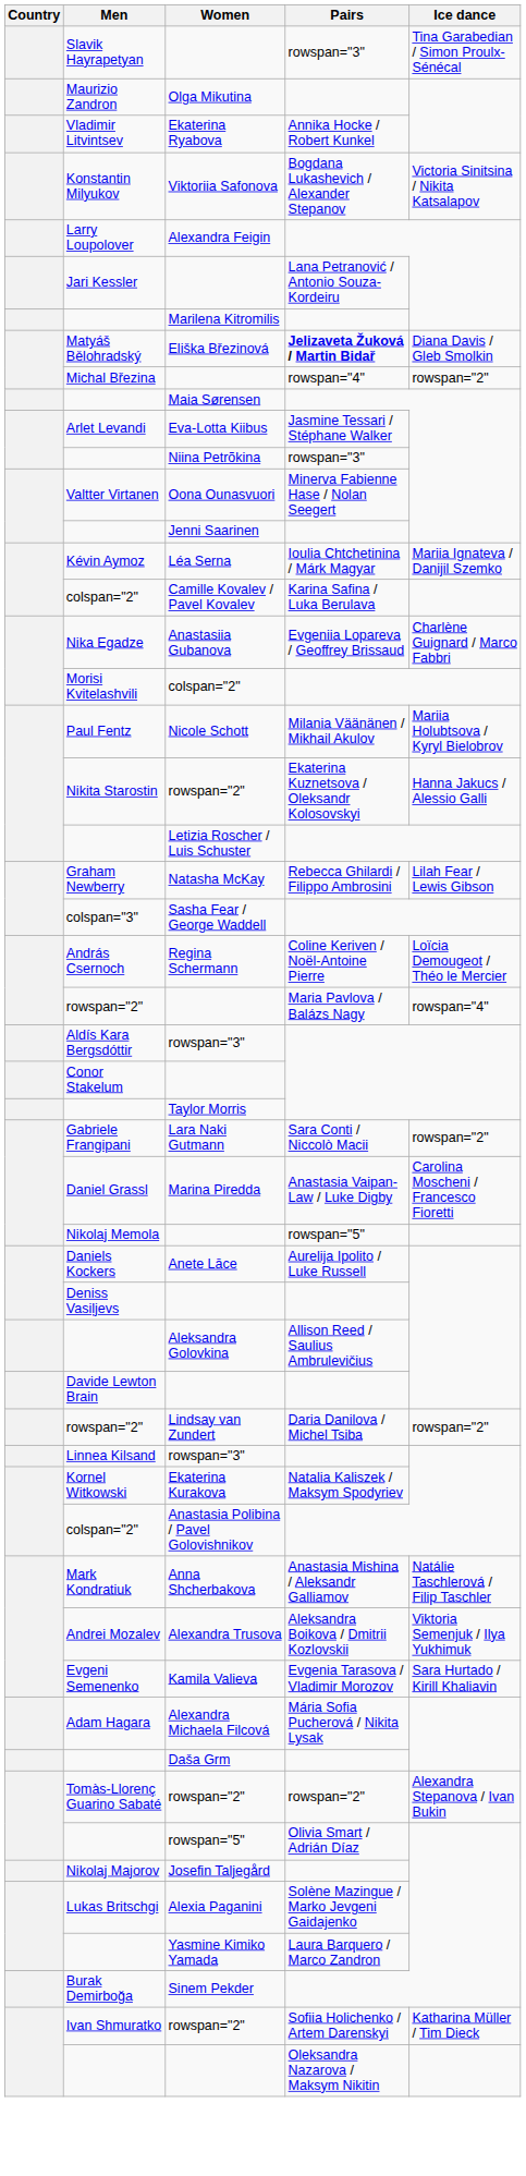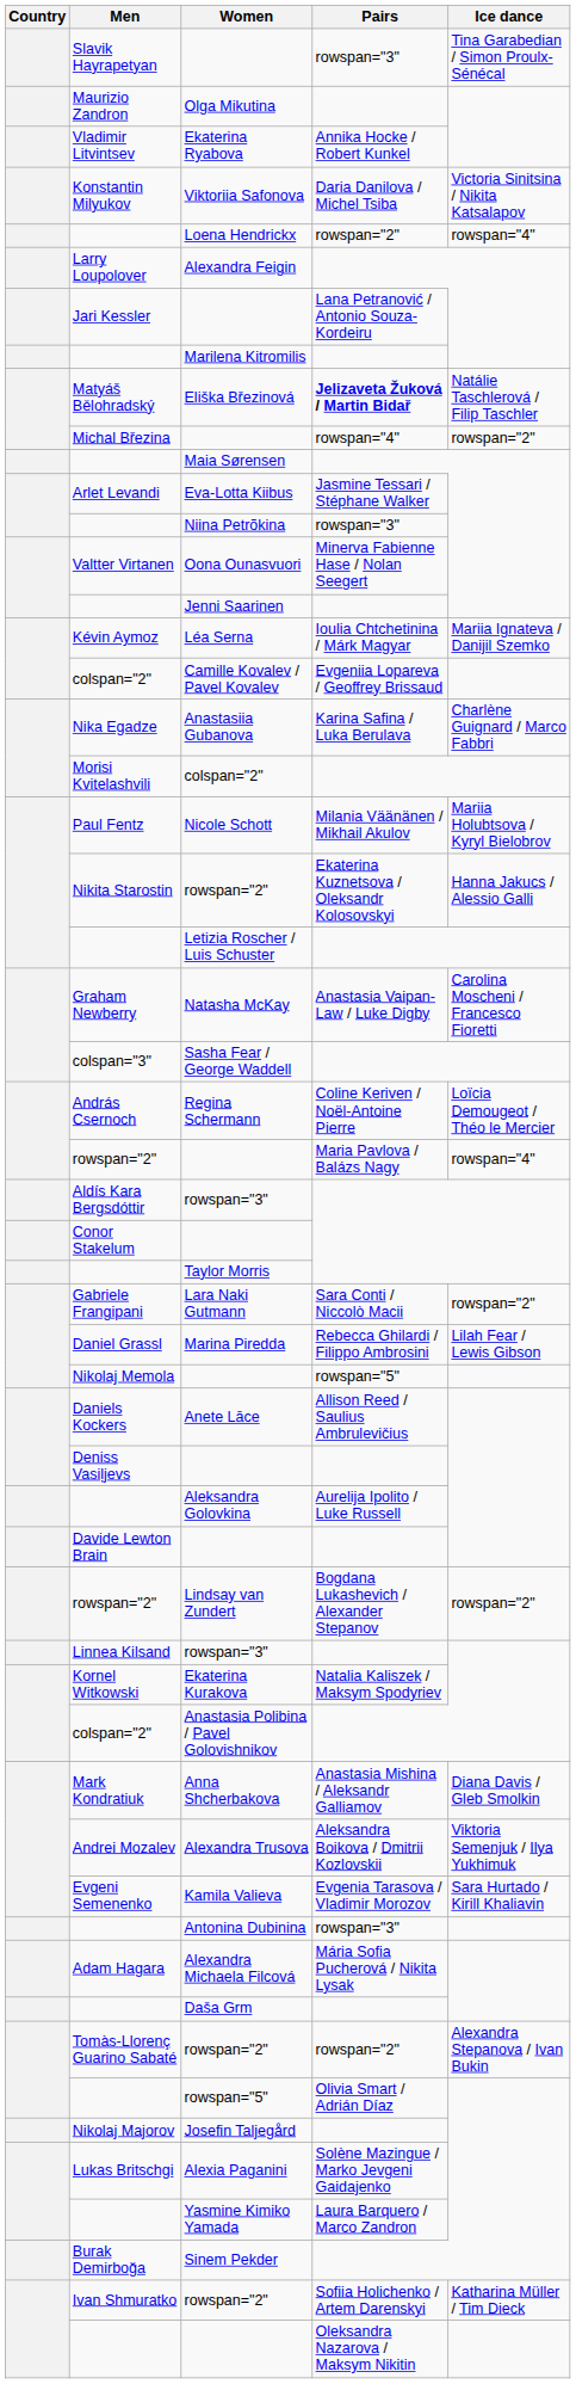 <table class="wikitable sortable" style="text-align:left">
 <tr>
 <th scope="col">Country</th>
 <th scope="col">Men</th>
 <th scope="col">Women</th>
 <th scope="col">Pairs</th>
 <th scope="col">Ice dance</th>
 </tr>
 <tr>
 <th scope="row" style="text-align:left"></th>
 <td><a href='#'>Slavik Hayrapetyan</a></td>
 <td></td>
 <td>rowspan="3" </td>
 <td><a href='#'>Tina Garabedian</a> / <a href='#'>Simon Proulx-Sénécal</a></td>
 </tr>
 <tr>
 <th scope="row" style="text-align:left"></th>
 <td><a href='#'>Maurizio Zandron</a></td>
 <td><a href='#'>Olga Mikutina</a></td>
 <td></td>
 </tr>
 <tr>
 <th scope="row" style="text-align:left"></th>
 <td><a href='#'>Vladimir Litvintsev</a></td>
 <td><a href='#'>Ekaterina Ryabova</a></td>
 <td><a href='#'>Annika Hocke</a> / <a href='#'>Robert Kunkel</a></td>
 </tr>
 <tr>
 <th scope="row" style="text-align:left"></th>
 <td><a href='#'>Konstantin Milyukov</a></td>
 <td><a href='#'>Viktoriia Safonova</a></td>
-<td><a href='#'>Bogdana Lukashevich</a> / <a href='#'>Alexander Stepanov</a></td>
+<td><a href='#'>Daria Danilova</a> / <a href='#'>Michel Tsiba</a></td>
 <td><a href='#'>Victoria Sinitsina</a> / <a href='#'>Nikita Katsalapov</a></td>
+</tr>
+<tr>
+<th scope="row" style="text-align:left"></th>
+<td></td>
+<td><a href='#'>Loena Hendrickx</a></td>
+<td>rowspan="2" </td>
+<td>rowspan="4" </td>
 </tr>
 <tr>
 <th scope="row" style="text-align:left"></th>
 <td><a href='#'>Larry Loupolover</a></td>
 <td><a href='#'>Alexandra Feigin</a></td>
 </tr>
 <tr>
 <th scope="row" style="text-align:left"></th>
 <td><a href='#'>Jari Kessler</a></td>
 <td></td>
 <td><a href='#'>Lana Petranović</a> / <a href='#'>Antonio Souza-Kordeiru</a></td>
 </tr>
 <tr>
 <th scope="row" style="text-align:left"></th>
 <td></td>
 <td><a href='#'>Marilena Kitromilis</a></td>
 <td></td>
 </tr>
 <tr>
 <th rowspan="2" scope="row" style="text-align:left"></th>
 <td><a href='#'>Matyáš Bělohradský</a></td>
 <td><a href='#'>Eliška Březinová</a></td>
 <td><strong><a href='#'>Jelizaveta Žuková</a> / <a href='#'>Martin Bidař</a></strong></td>
-<td><a href='#'>Diana Davis</a> / <a href='#'>Gleb Smolkin</a></td>
+<td><a href='#'>Natálie Taschlerová</a> / <a href='#'>Filip Taschler</a></td>
 </tr>
 <tr>
 <td><a href='#'>Michal Březina</a></td>
 <td></td>
 <td>rowspan="4" </td>
 <td>rowspan="2" </td>
 </tr>
 <tr>
 <th scope="row" style="text-align:left"></th>
 <td></td>
 <td><a href='#'>Maia Sørensen</a></td>
 </tr>
 <tr>
 <th rowspan="2" scope="row" style="text-align:left"></th>
 <td><a href='#'>Arlet Levandi</a></td>
 <td><a href='#'>Eva-Lotta Kiibus</a></td>
 <td><a href='#'>Jasmine Tessari</a> / <a href='#'>Stéphane Walker</a></td>
 </tr>
 <tr>
 <td></td>
 <td><a href='#'>Niina Petrõkina</a></td>
 <td>rowspan="3" </td>
 </tr>
 <tr>
 <th rowspan="2" scope="row" style="text-align:left"></th>
 <td><a href='#'>Valtter Virtanen</a></td>
 <td><a href='#'>Oona Ounasvuori</a></td>
 <td><a href='#'>Minerva Fabienne Hase</a> / <a href='#'>Nolan Seegert</a></td>
 </tr>
 <tr>
 <td></td>
 <td><a href='#'>Jenni Saarinen</a></td>
 <td></td>
 </tr>
 <tr>
 <th rowspan="2" scope="row" style="text-align:left"></th>
 <td><a href='#'>Kévin Aymoz</a></td>
 <td><a href='#'>Léa Serna</a></td>
 <td><a href='#'>Ioulia Chtchetinina</a> / <a href='#'>Márk Magyar</a></td>
 <td><a href='#'>Mariia Ignateva</a> / <a href='#'>Danijil Szemko</a></td>
 </tr>
 <tr>
 <td>colspan="2" </td>
 <td><a href='#'>Camille Kovalev</a> / <a href='#'>Pavel Kovalev</a></td>
-<td><a href='#'>Karina Safina</a> / <a href='#'>Luka Berulava</a></td>
+<td><a href='#'>Evgeniia Lopareva</a> / <a href='#'>Geoffrey Brissaud</a></td>
 </tr>
 <tr>
 <th rowspan="2" scope="row" style="text-align:left"></th>
 <td><a href='#'>Nika Egadze</a></td>
 <td><a href='#'>Anastasiia Gubanova</a></td>
-<td><a href='#'>Evgeniia Lopareva</a> / <a href='#'>Geoffrey Brissaud</a></td>
+<td><a href='#'>Karina Safina</a> / <a href='#'>Luka Berulava</a></td>
 <td><a href='#'>Charlène Guignard</a> / <a href='#'>Marco Fabbri</a></td>
 </tr>
 <tr>
 <td><a href='#'>Morisi Kvitelashvili</a></td>
 <td>colspan="2" </td>
 </tr>
 <tr>
 <th rowspan="3" scope="row" style="text-align:left"></th>
 <td><a href='#'>Paul Fentz</a></td>
 <td><a href='#'>Nicole Schott</a></td>
 <td><a href='#'>Milania Väänänen</a> / <a href='#'>Mikhail Akulov</a></td>
 <td><a href='#'>Mariia Holubtsova</a> / <a href='#'>Kyryl Bielobrov</a></td>
 </tr>
 <tr>
 <td><a href='#'>Nikita Starostin</a></td>
 <td>rowspan="2" </td>
 <td><a href='#'>Ekaterina Kuznetsova</a> / <a href='#'>Oleksandr Kolosovskyi</a></td>
 <td><a href='#'>Hanna Jakucs</a> / <a href='#'>Alessio Galli</a></td>
 </tr>
 <tr>
 <td></td>
 <td><a href='#'>Letizia Roscher</a> / <a href='#'>Luis Schuster</a></td>
 </tr>
 <tr>
 <th rowspan="2" scope="row" style="text-align:left"></th>
 <td><a href='#'>Graham Newberry</a></td>
 <td><a href='#'>Natasha McKay</a></td>
-<td><a href='#'>Rebecca Ghilardi</a> / <a href='#'>Filippo Ambrosini</a></td>
-<td><a href='#'>Lilah Fear</a> / <a href='#'>Lewis Gibson</a></td>
+<td><a href='#'>Anastasia Vaipan-Law</a> / <a href='#'>Luke Digby</a></td>
+<td><a href='#'>Carolina Moscheni</a> / <a href='#'>Francesco Fioretti</a></td>
 </tr>
 <tr>
 <td>colspan="3" </td>
 <td><a href='#'>Sasha Fear</a> / <a href='#'>George Waddell</a></td>
 </tr>
 <tr>
 <th rowspan="2" scope="row" style="text-align:left"></th>
 <td><a href='#'>András Csernoch</a></td>
 <td><a href='#'>Regina Schermann</a></td>
 <td><a href='#'>Coline Keriven</a> / <a href='#'>Noël-Antoine Pierre</a></td>
 <td><a href='#'>Loïcia Demougeot</a> / <a href='#'>Théo le Mercier</a></td>
 </tr>
 <tr>
 <td>rowspan="2" </td>
 <td></td>
 <td><a href='#'>Maria Pavlova</a> / <a href='#'>Balázs Nagy</a></td>
 <td>rowspan="4" </td>
 </tr>
 <tr>
 <th scope="row" style="text-align:left"></th>
 <td><a href='#'>Aldís Kara Bergsdóttir</a></td>
 <td>rowspan="3" </td>
 </tr>
 <tr>
 <th scope="row" style="text-align:left"></th>
 <td><a href='#'>Conor Stakelum</a></td>
 <td></td>
 </tr>
 <tr>
 <th scope="row" style="text-align:left"></th>
 <td></td>
 <td><a href='#'>Taylor Morris</a></td>
 </tr>
 <tr>
 <th rowspan="3" scope="row" style="text-align:left"></th>
 <td><a href='#'>Gabriele Frangipani</a></td>
 <td><a href='#'>Lara Naki Gutmann</a></td>
 <td><a href='#'>Sara Conti</a> / <a href='#'>Niccolò Macii</a></td>
 <td>rowspan="2" </td>
 </tr>
 <tr>
 <td><a href='#'>Daniel Grassl</a></td>
 <td><a href='#'>Marina Piredda</a></td>
-<td><a href='#'>Anastasia Vaipan-Law</a> / <a href='#'>Luke Digby</a></td>
-<td><a href='#'>Carolina Moscheni</a> / <a href='#'>Francesco Fioretti</a></td>
+<td><a href='#'>Rebecca Ghilardi</a> / <a href='#'>Filippo Ambrosini</a></td>
+<td><a href='#'>Lilah Fear</a> / <a href='#'>Lewis Gibson</a></td>
 </tr>
 <tr>
 <td><a href='#'>Nikolaj Memola</a></td>
 <td></td>
 <td>rowspan="5" </td>
 <td></td>
 </tr>
 <tr>
 <th rowspan="2" scope="row" style="text-align:left"></th>
 <td><a href='#'>Daniels Kockers</a></td>
 <td><a href='#'>Anete Lāce</a></td>
-<td><a href='#'>Aurelija Ipolito</a> / <a href='#'>Luke Russell</a></td>
+<td><a href='#'>Allison Reed</a> / <a href='#'>Saulius Ambrulevičius</a></td>
 </tr>
 <tr>
 <td><a href='#'>Deniss Vasiļjevs</a></td>
 <td></td>
 <td></td>
 </tr>
 <tr>
 <th scope="row" style="text-align:left"></th>
 <td></td>
 <td><a href='#'>Aleksandra Golovkina</a></td>
-<td><a href='#'>Allison Reed</a> / <a href='#'>Saulius Ambrulevičius</a></td>
+<td><a href='#'>Aurelija Ipolito</a> / <a href='#'>Luke Russell</a></td>
 </tr>
 <tr>
 <th scope="row" style="text-align:left"></th>
 <td><a href='#'>Davide Lewton Brain</a></td>
 <td></td>
 <td></td>
 </tr>
 <tr>
 <th scope="row" style="text-align:left"></th>
 <td>rowspan="2" </td>
 <td><a href='#'>Lindsay van Zundert</a></td>
-<td><a href='#'>Daria Danilova</a> / <a href='#'>Michel Tsiba</a></td>
+<td><a href='#'>Bogdana Lukashevich</a> / <a href='#'>Alexander Stepanov</a></td>
 <td>rowspan="2" </td>
 </tr>
 <tr>
 <th scope="row" style="text-align:left"></th>
 <td><a href='#'>Linnea Kilsand</a></td>
 <td>rowspan="3" </td>
 <td></td>
 </tr>
 <tr>
 <th rowspan="2" scope="row" style="text-align:left"></th>
 <td><a href='#'>Kornel Witkowski</a></td>
 <td><a href='#'>Ekaterina Kurakova</a></td>
 <td><a href='#'>Natalia Kaliszek</a> / <a href='#'>Maksym Spodyriev</a></td>
 </tr>
 <tr>
 <td>colspan="2" </td>
 <td><a href='#'>Anastasia Polibina</a> / <a href='#'>Pavel Golovishnikov</a></td>
 </tr>
 <tr>
 <th rowspan="3" scope="row" style="text-align:left"></th>
 <td><a href='#'>Mark Kondratiuk</a></td>
 <td><a href='#'>Anna Shcherbakova</a></td>
 <td><a href='#'>Anastasia Mishina</a> / <a href='#'>Aleksandr Galliamov</a></td>
-<td><a href='#'>Natálie Taschlerová</a> / <a href='#'>Filip Taschler</a></td>
+<td><a href='#'>Diana Davis</a> / <a href='#'>Gleb Smolkin</a></td>
 </tr>
 <tr>
 <td><a href='#'>Andrei Mozalev</a></td>
 <td><a href='#'>Alexandra Trusova</a></td>
 <td><a href='#'>Aleksandra Boikova</a> / <a href='#'>Dmitrii Kozlovskii</a></td>
 <td><a href='#'>Viktoria Semenjuk</a> / <a href='#'>Ilya Yukhimuk</a></td>
 </tr>
 <tr>
 <td><a href='#'>Evgeni Semenenko</a></td>
 <td><a href='#'>Kamila Valieva</a></td>
 <td><a href='#'>Evgenia Tarasova</a> / <a href='#'>Vladimir Morozov</a></td>
 <td><a href='#'>Sara Hurtado</a> / <a href='#'>Kirill Khaliavin</a></td>
+</tr>
+<tr>
+<th scope="row" style="text-align:left"></th>
+<td></td>
+<td><a href='#'>Antonina Dubinina</a></td>
+<td>rowspan="3" </td>
+<td></td>
 </tr>
 <tr>
 <th scope="row" style="text-align:left"></th>
 <td><a href='#'>Adam Hagara</a></td>
 <td><a href='#'>Alexandra Michaela Filcová</a></td>
 <td><a href='#'>Mária Sofia Pucherová</a> / <a href='#'>Nikita Lysak</a></td>
 </tr>
 <tr>
 <th scope="row" style="text-align:left"></th>
 <td></td>
 <td><a href='#'>Daša Grm</a></td>
 <td></td>
 </tr>
 <tr>
 <th rowspan="2" scope="row" style="text-align:left"></th>
 <td><a href='#'>Tomàs-Llorenç Guarino Sabaté</a></td>
 <td>rowspan="2" </td>
 <td>rowspan="2" </td>
 <td><a href='#'>Alexandra Stepanova</a> / <a href='#'>Ivan Bukin</a></td>
 </tr>
 <tr>
 <td></td>
 <td>rowspan="5" </td>
 <td><a href='#'>Olivia Smart</a> / <a href='#'>Adrián Díaz</a></td>
 </tr>
 <tr>
 <th scope="row" style="text-align:left"></th>
 <td><a href='#'>Nikolaj Majorov</a></td>
 <td><a href='#'>Josefin Taljegård</a></td>
 <td></td>
 </tr>
 <tr>
 <th rowspan="2" scope="row" style="text-align:left"></th>
 <td><a href='#'>Lukas Britschgi</a></td>
 <td><a href='#'>Alexia Paganini</a></td>
 <td><a href='#'>Solène Mazingue</a> / <a href='#'>Marko Jevgeni Gaidajenko</a></td>
 </tr>
 <tr>
 <td></td>
 <td><a href='#'>Yasmine Kimiko Yamada</a></td>
 <td><a href='#'>Laura Barquero</a> / <a href='#'>Marco Zandron</a></td>
 </tr>
 <tr>
 <th scope="row" style="text-align:left"></th>
 <td><a href='#'>Burak Demirboğa</a></td>
 <td><a href='#'>Sinem Pekder</a></td>
 </tr>
 <tr>
 <th rowspan="2" scope="row" style="text-align:left"></th>
 <td><a href='#'>Ivan Shmuratko</a></td>
 <td>rowspan="2" </td>
 <td><a href='#'>Sofiia Holichenko</a> / <a href='#'>Artem Darenskyi</a></td>
 <td><a href='#'>Katharina Müller</a> / <a href='#'>Tim Dieck</a></td>
 </tr>
 <tr>
 <td></td>
 <td></td>
 <td><a href='#'>Oleksandra Nazarova</a> / <a href='#'>Maksym Nikitin</a></td>
 </tr>
 </table>
